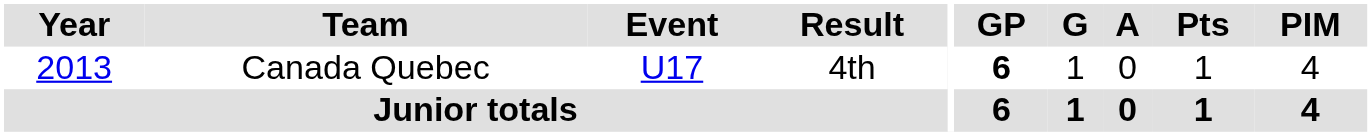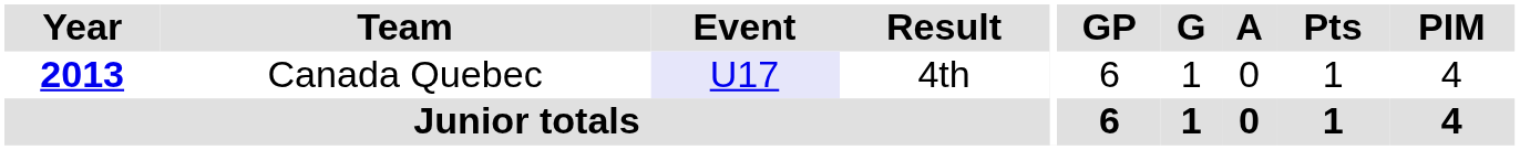 <table border="0" cellpadding="1" cellspacing="0" ID="Table3" style="text-align:center; width:40em">
 <tr ALIGN="center" bgcolor="#e0e0e0">
 <th>Year</th>
 <th>Team</th>
 <th>Event</th>
 <th>Result</th>
 <th rowspan="99" bgcolor="#ffffff"></th>
 <th>GP</th>
 <th>G</th>
 <th>A</th>
 <th>Pts</th>
 <th>PIM</th>
 </tr>
 <tr>
-<td><a href='#'>2013</a></td>
+<td><strong><a href='#'>2013</a></strong></td>
 <td>Canada Quebec</td>
-<td><a href='#'>U17</a></td>
+<td style="background: lavender;"><a href='#'>U17</a></td>
 <td>4th</td>
-<td><strong>6</strong></td>
+<td>6</td>
 <td>1</td>
 <td>0</td>
 <td>1</td>
 <td>4</td>
 </tr>
 <tr ALIGN="center" bgcolor="#e0e0e0">
 <th colspan=4>Junior totals</th>
 <th>6</th>
 <th>1</th>
 <th>0</th>
 <th>1</th>
 <th>4</th>
 </tr>
 </table>
